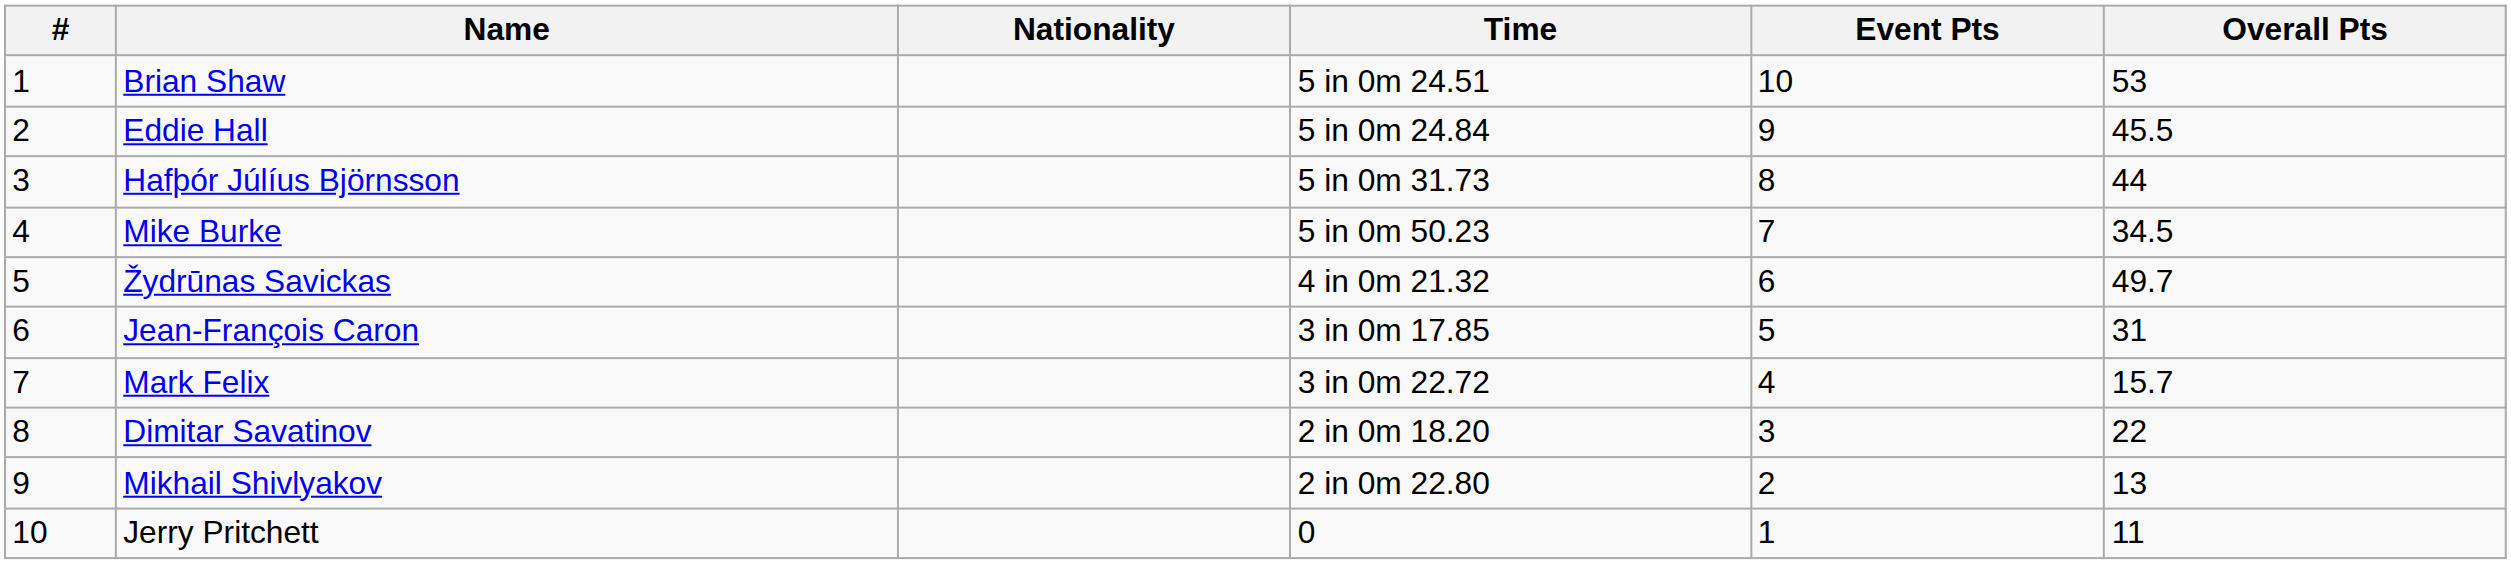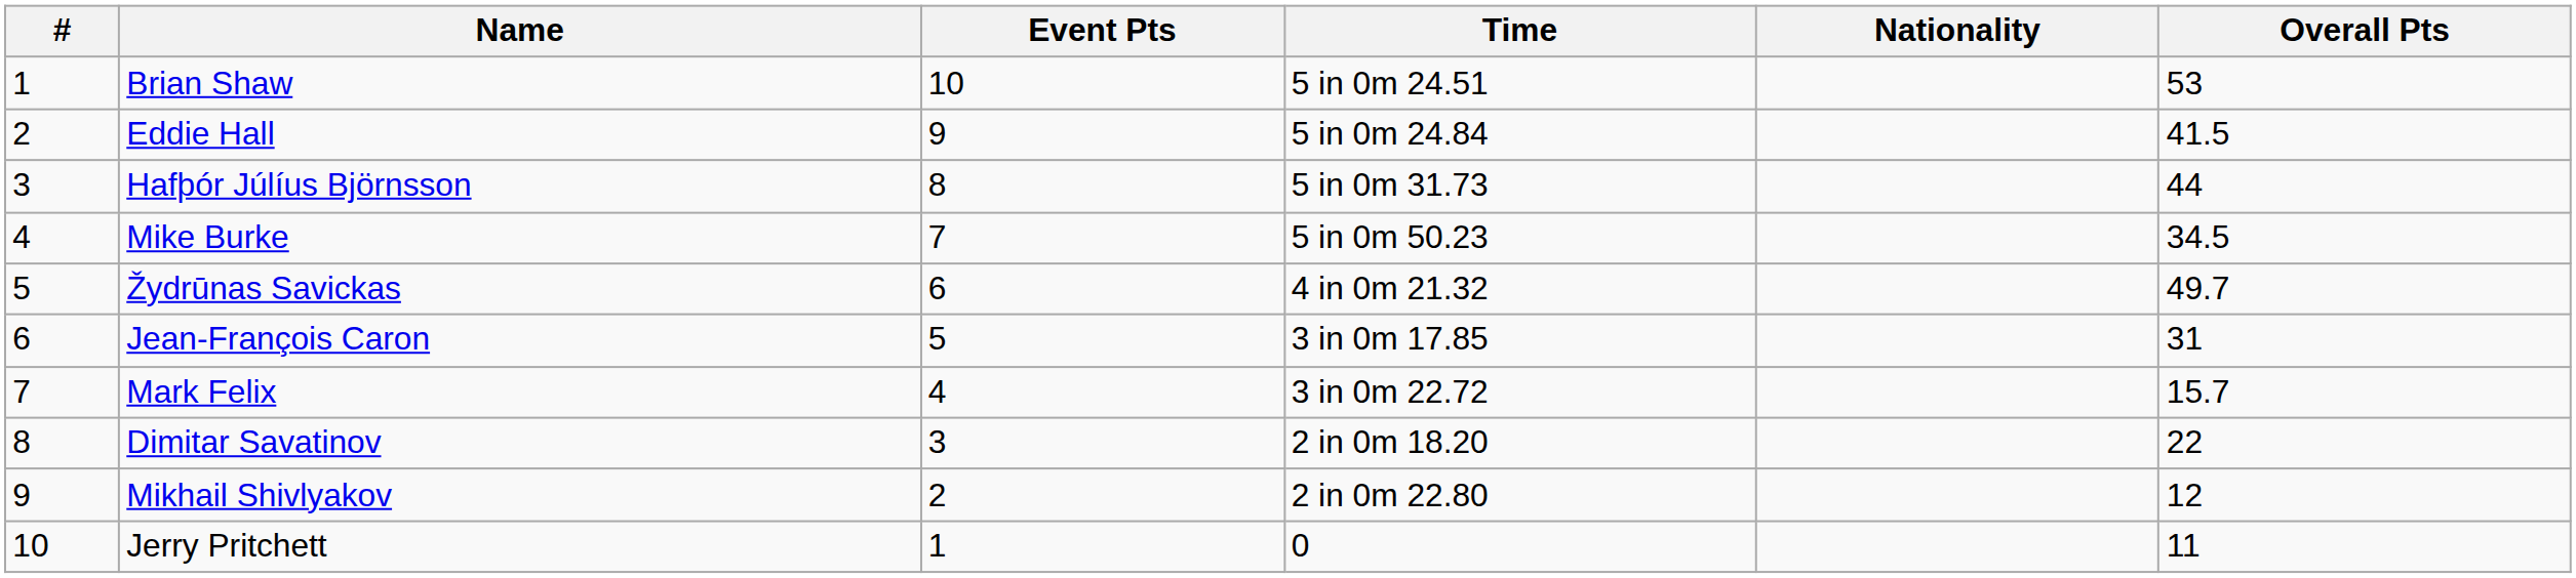 <table class="wikitable sortable" style="display: inline-table; width: 100%;">
 <tr>
 <th>#</th>
 <th>Name</th>
+<th>Event Pts</th>
+<th>Time</th>
 <th>Nationality</th>
-<th>Time</th>
-<th>Event Pts</th>
 <th>Overall Pts</th>
 </tr>
 <tr>
 <td>1</td>
 <td><a href='#'>Brian Shaw</a></td>
+<td>10</td>
+<td>5 in 0m 24.51</td>
 <td></td>
-<td>5 in 0m 24.51</td>
-<td>10</td>
 <td>53</td>
 </tr>
 <tr>
 <td>2</td>
 <td><a href='#'>Eddie Hall</a></td>
+<td>9</td>
+<td>5 in 0m 24.84</td>
 <td></td>
-<td>5 in 0m 24.84</td>
-<td>9</td>
-<td>45.5</td>
+<td>41.5</td>
 </tr>
 <tr>
 <td>3</td>
 <td><a href='#'>Hafþór Júlíus Björnsson</a></td>
+<td>8</td>
+<td>5 in 0m 31.73</td>
 <td></td>
-<td>5 in 0m 31.73</td>
-<td>8</td>
 <td>44</td>
 </tr>
 <tr>
 <td>4</td>
 <td><a href='#'>Mike Burke</a></td>
+<td>7</td>
+<td>5 in 0m 50.23</td>
 <td></td>
-<td>5 in 0m 50.23</td>
-<td>7</td>
 <td>34.5</td>
 </tr>
 <tr>
 <td>5</td>
 <td><a href='#'>Žydrūnas Savickas</a></td>
+<td>6</td>
+<td>4 in 0m 21.32</td>
 <td></td>
-<td>4 in 0m 21.32</td>
-<td>6</td>
 <td>49.7</td>
 </tr>
 <tr>
 <td>6</td>
 <td><a href='#'>Jean-François Caron</a></td>
+<td>5</td>
+<td>3 in 0m 17.85</td>
 <td></td>
-<td>3 in 0m 17.85</td>
-<td>5</td>
 <td>31</td>
 </tr>
 <tr>
 <td>7</td>
 <td><a href='#'>Mark Felix</a></td>
+<td>4</td>
+<td>3 in 0m 22.72</td>
 <td></td>
-<td>3 in 0m 22.72</td>
-<td>4</td>
 <td>15.7</td>
 </tr>
 <tr>
 <td>8</td>
 <td><a href='#'>Dimitar Savatinov</a></td>
+<td>3</td>
+<td>2 in 0m 18.20</td>
 <td></td>
-<td>2 in 0m 18.20</td>
-<td>3</td>
 <td>22</td>
 </tr>
 <tr>
 <td>9</td>
 <td><a href='#'>Mikhail Shivlyakov</a></td>
+<td>2</td>
+<td>2 in 0m 22.80</td>
 <td></td>
-<td>2 in 0m 22.80</td>
-<td>2</td>
-<td>13</td>
+<td>12</td>
 </tr>
 <tr>
 <td>10</td>
 <td>Jerry Pritchett</td>
+<td>1</td>
+<td>0</td>
 <td></td>
-<td>0</td>
-<td>1</td>
 <td>11</td>
 </tr>
 </table>
